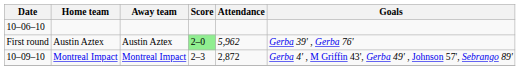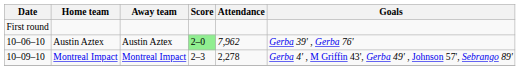 <table class="wikitable" border="1">
 <tr>
 <th>Date</th>
 <th>Home team</th>
 <th>Away team</th>
 <th>Score</th>
 <th>Attendance</th>
 <th>Goals</th>
 </tr>
 <tr>
-<td>10–06–10</td>
+<td>First round</td>
 <td></td>
 <td></td>
 <td></td>
 <td></td>
 <td></td>
 </tr>
 <tr>
-<td>First round</td>
+<td>10–06–10</td>
 <td>Austin Aztex</td>
 <td>Austin Aztex</td>
 <td style="background: lightgreen;">2–0</td>
-<td><em>5,962</em></td>
+<td><em>7,962</em></td>
 <td><em><a href='#'>Gerba</a> 39' </em>, <em><a href='#'>Gerba</a> 76' </em></td>
 </tr>
 <tr>
 <td>10–09–10</td>
 <td><a href='#'>Montreal Impact</a></td>
 <td><a href='#'>Montreal Impact</a></td>
 <td>2–3</td>
-<td>2,872</td>
+<td>2,278</td>
 <td><em><a href='#'>Gerba</a> 4' </em>, <a href='#'>M Griffin</a> 43', <em><a href='#'>Gerba</a> 49' </em>, <a href='#'>Johnson</a> 57', <em><a href='#'>Sebrango</a> 89' </em></td>
 </tr>
 <tr>
 </tr>
 </table>
